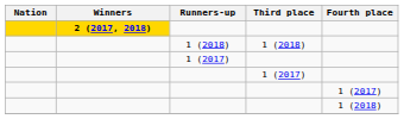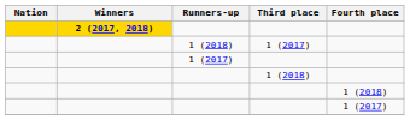 <table class="wikitable" style="text-align: center;font-size:90%;">
 <tr>
 <th width=12%>Nation</th>
 <th width=27%>Winners</th>
 <th width=18%>Runners-up</th>
 <th width=18%>Third place</th>
 <th width=18%>Fourth place</th>
 </tr>
 <tr>
 <td bgcolor=gold></td>
 <td bgcolor=gold><strong>2 (<a href='#'>2017</a>, <a href='#'>2018</a>)</strong></td>
 <td></td>
 <td></td>
 <td></td>
 </tr>
 <tr>
 <td></td>
 <td></td>
 <td>1 (<a href='#'>2018</a>)</td>
-<td>1 (<a href='#'>2018</a>)</td>
+<td>1 (<a href='#'>2017</a>)</td>
 <td></td>
 </tr>
 <tr>
 <td></td>
 <td></td>
 <td>1 (<a href='#'>2017</a>)</td>
 <td></td>
 <td></td>
 </tr>
 <tr>
 <td></td>
 <td></td>
 <td></td>
-<td>1 (<a href='#'>2017</a>)</td>
+<td>1 (<a href='#'>2018</a>)</td>
 <td></td>
+</tr>
+<tr>
+<td></td>
+<td></td>
+<td></td>
+<td></td>
+<td>1 (<a href='#'>2018</a>)</td>
 </tr>
 <tr>
 <td></td>
 <td></td>
 <td></td>
 <td></td>
 <td>1 (<a href='#'>2017</a>)</td>
 </tr>
 <tr>
-<td></td>
-<td></td>
-<td></td>
-<td></td>
-<td>1 (<a href='#'>2018</a>)</td>
-</tr>
-<tr>
 </tr>
 </table>
